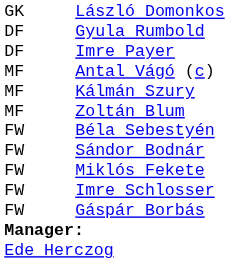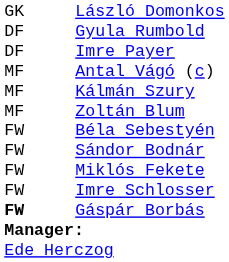 <table style="font-size:90%; margin:0.2em auto;" cellspacing="0" cellpadding="0">
 <tr>
 <th width="25"></th>
 <th width="25"></th>
 </tr>
 <tr>
 <td>GK</td>
 <td></td>
 <td><a href='#'>László Domonkos</a></td>
 </tr>
 <tr>
 <td>DF</td>
 <td></td>
 <td><a href='#'>Gyula Rumbold</a></td>
 </tr>
 <tr>
 <td>DF</td>
 <td></td>
 <td><a href='#'>Imre Payer</a></td>
 </tr>
 <tr>
 <td>MF</td>
 <td></td>
 <td><a href='#'>Antal Vágó</a> (<a href='#'>c</a>)</td>
 </tr>
 <tr>
 <td>MF</td>
 <td></td>
 <td><a href='#'>Kálmán Szury</a></td>
 </tr>
 <tr>
 <td>MF</td>
 <td></td>
 <td><a href='#'>Zoltán Blum</a></td>
 </tr>
 <tr>
 <td>FW</td>
 <td></td>
 <td><a href='#'>Béla Sebestyén</a></td>
 </tr>
 <tr>
 <td>FW</td>
 <td></td>
 <td><a href='#'>Sándor Bodnár</a></td>
 </tr>
 <tr>
 <td>FW</td>
 <td></td>
 <td><a href='#'>Miklós Fekete</a></td>
 </tr>
 <tr>
 <td>FW</td>
 <td></td>
 <td><a href='#'>Imre Schlosser</a></td>
 </tr>
 <tr>
-<td>FW</td>
+<td><strong>FW</strong></td>
 <td></td>
 <td><a href='#'>Gáspár Borbás</a></td>
 </tr>
 <tr>
 <td colspan=3><strong>Manager:</strong></td>
 </tr>
 <tr>
 <td colspan=4> <a href='#'>Ede Herczog</a></td>
 </tr>
 </table>
